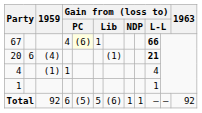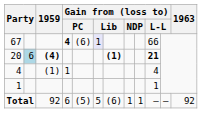 <table class="wikitable" style="text-align:right">
 <tr>
 <th rowspan="2" colspan="2">Party</th>
 <th rowspan="2" style="width:1em;">1959</th>
 <th colspan="8">Gain from (loss to)</th>
 <th rowspan="2" style="width:1em;">1963</th>
 </tr>
 <tr>
 <th colspan="2">PC</th>
 <th colspan="2">Lib</th>
 <th colspan="2">NDP</th>
 <th colspan="2">L-L</th>
 </tr>
 <tr>
 <td>67</td>
 <td></td>
 <td></td>
-<td>4</td>
-<td style="background: lightyellow;">(6)</td>
-<td>1</td>
+<td><strong>4</strong></td>
+<td>(6)</td>
+<td style="background: lavender;">1</td>
 <td></td>
 <td></td>
 <td></td>
-<td><strong>66</strong></td>
+<td>66</td>
 </tr>
 <tr>
 <td>20</td>
-<td>6</td>
-<td>(4)</td>
+<td style="background: lightblue;">6</td>
+<td><strong>(4)</strong></td>
 <td></td>
 <td></td>
 <td></td>
-<td>(1)</td>
+<td><strong>(1)</strong></td>
 <td></td>
 <td></td>
 <td><strong>21</strong></td>
 </tr>
 <tr>
 <td>4</td>
 <td></td>
 <td>(1)</td>
 <td>1</td>
 <td></td>
 <td></td>
 <td></td>
 <td></td>
 <td></td>
 <td>4</td>
 </tr>
 <tr>
 <td>1</td>
 <td></td>
 <td></td>
 <td></td>
 <td></td>
 <td></td>
 <td></td>
 <td></td>
 <td></td>
 <td>1</td>
 </tr>
 <tr>
 <td colspan="2" style="text-align:left;"><strong>Total</strong></td>
 <td>92</td>
 <td>6</td>
 <td>(5)</td>
 <td>5</td>
 <td>(6)</td>
 <td>1</td>
 <td>1</td>
 <td>–</td>
 <td>–</td>
 <td>92</td>
 </tr>
 </table>
